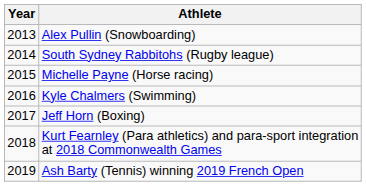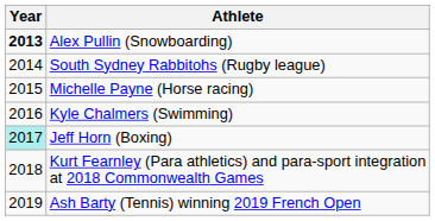 <table class="wikitable">
 <tr>
 <th>Year</th>
 <th>Athlete</th>
 </tr>
 <tr>
-<td>2013</td>
+<td><strong>2013</strong></td>
 <td><a href='#'>Alex Pullin</a> (Snowboarding)</td>
 </tr>
 <tr>
 <td>2014</td>
 <td><a href='#'>South Sydney Rabbitohs</a> (Rugby league)</td>
 </tr>
 <tr>
 <td>2015</td>
 <td><a href='#'>Michelle Payne</a> (Horse racing)</td>
 </tr>
 <tr>
 <td>2016</td>
 <td><a href='#'>Kyle Chalmers</a> (Swimming)</td>
 </tr>
 <tr>
-<td>2017</td>
+<td style="background: paleturquoise;">2017</td>
 <td><a href='#'>Jeff Horn</a> (Boxing)</td>
 </tr>
 <tr>
 <td>2018</td>
 <td><a href='#'>Kurt Fearnley</a> (Para athletics) and para-sport integration <br> at <a href='#'>2018 Commonwealth Games</a></td>
 </tr>
 <tr>
 <td>2019</td>
 <td><a href='#'>Ash Barty</a> (Tennis) winning <a href='#'>2019 French Open</a></td>
 </tr>
 </table>
